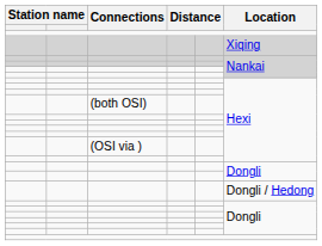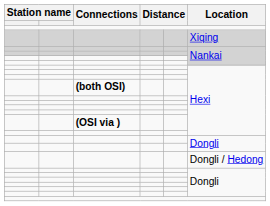 <table class="wikitable">
 <tr>
 <th colspan="2">Station name</th>
 <th rowspan="2">Connections</th>
 <th colspan="2" rowspan="2">Distance<br></th>
 <th rowspan="2">Location</th>
 </tr>
 <tr>
 <th></th>
 <th></th>
 </tr>
 <tr style="background:#">
 <td colspan="7"></td>
 </tr>
 <tr bgcolor="lightgrey">
 <td></td>
 <td></td>
 <td></td>
 <td></td>
 <td></td>
 <td><a href='#'>Xiqing</a></td>
 </tr>
 <tr bgcolor="lightgrey">
 <td></td>
 <td></td>
 <td></td>
 <td></td>
 <td></td>
 <td rowspan="4"><a href='#'>Nankai</a></td>
 </tr>
 <tr bgcolor="lightgrey">
 <td></td>
 <td></td>
 <td></td>
 <td></td>
 <td></td>
 </tr>
 <tr>
 <td></td>
 <td></td>
 <td></td>
 <td></td>
 <td></td>
 </tr>
 <tr>
 <td></td>
 <td></td>
 <td></td>
 <td></td>
 <td></td>
 </tr>
 <tr>
 <td></td>
 <td></td>
 <td></td>
 <td></td>
 <td></td>
 <td rowspan="10"><a href='#'>Hexi</a></td>
 </tr>
 <tr>
 <td></td>
 <td></td>
 <td></td>
 <td></td>
 <td></td>
 </tr>
 <tr>
 <td></td>
 <td></td>
 <td></td>
 <td></td>
 <td></td>
 </tr>
 <tr>
 <td></td>
 <td></td>
-<td>  (both OSI)</td>
+<td><strong>  (both OSI)</strong></td>
 <td></td>
 <td></td>
 </tr>
 <tr>
 <td></td>
 <td></td>
 <td></td>
 <td></td>
 <td></td>
 </tr>
 <tr>
 <td></td>
 <td></td>
 <td></td>
 <td></td>
 <td></td>
 </tr>
 <tr>
 <td></td>
 <td></td>
 <td></td>
 <td></td>
 <td></td>
 </tr>
 <tr>
 <td></td>
 <td></td>
 <td></td>
 <td></td>
 <td></td>
 </tr>
 <tr>
 <td></td>
 <td></td>
-<td> (OSI via )</td>
+<td><strong> (OSI via )</strong></td>
 <td></td>
 <td></td>
 </tr>
 <tr>
 <td></td>
 <td></td>
 <td></td>
 <td></td>
 <td></td>
 </tr>
 <tr>
 <td></td>
 <td></td>
 <td></td>
 <td></td>
 <td></td>
 <td rowspan="2"><a href='#'>Dongli</a></td>
 </tr>
 <tr>
 <td></td>
 <td></td>
 <td></td>
 <td></td>
 <td></td>
 </tr>
 <tr>
 <td></td>
 <td></td>
 <td></td>
 <td></td>
 <td></td>
 <td>Dongli / <a href='#'>Hedong</a></td>
 </tr>
 <tr>
 <td></td>
 <td></td>
 <td></td>
 <td></td>
 <td></td>
 <td rowspan="6">Dongli</td>
 </tr>
 <tr>
 <td></td>
 <td></td>
 <td></td>
 <td></td>
 <td></td>
 </tr>
 <tr>
 <td></td>
 <td></td>
 <td></td>
 <td></td>
 <td></td>
 </tr>
 <tr>
 <td></td>
 <td></td>
 <td></td>
 <td></td>
 <td></td>
 </tr>
 <tr>
 <td></td>
 <td></td>
 <td></td>
 <td></td>
 <td></td>
 </tr>
 <tr>
 <td></td>
 <td></td>
 <td></td>
 <td></td>
 <td></td>
 </tr>
 <tr style="background:#">
 <td colspan="7"></td>
 </tr>
 </table>
